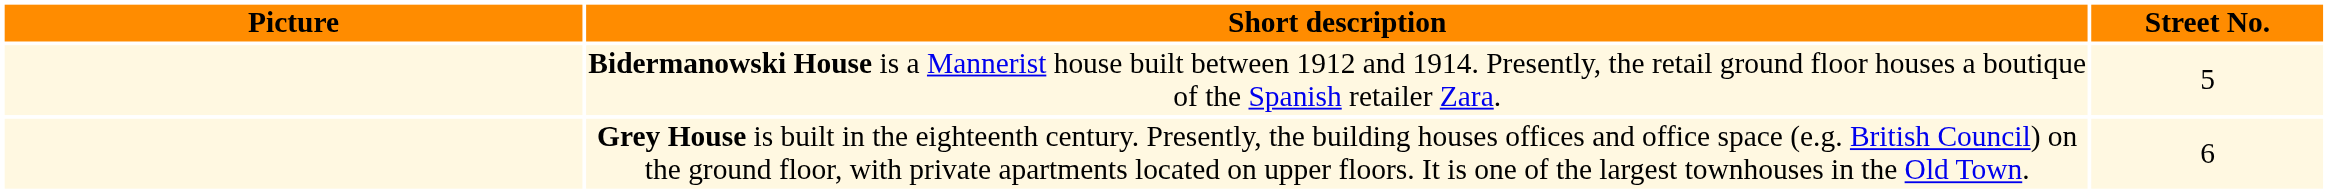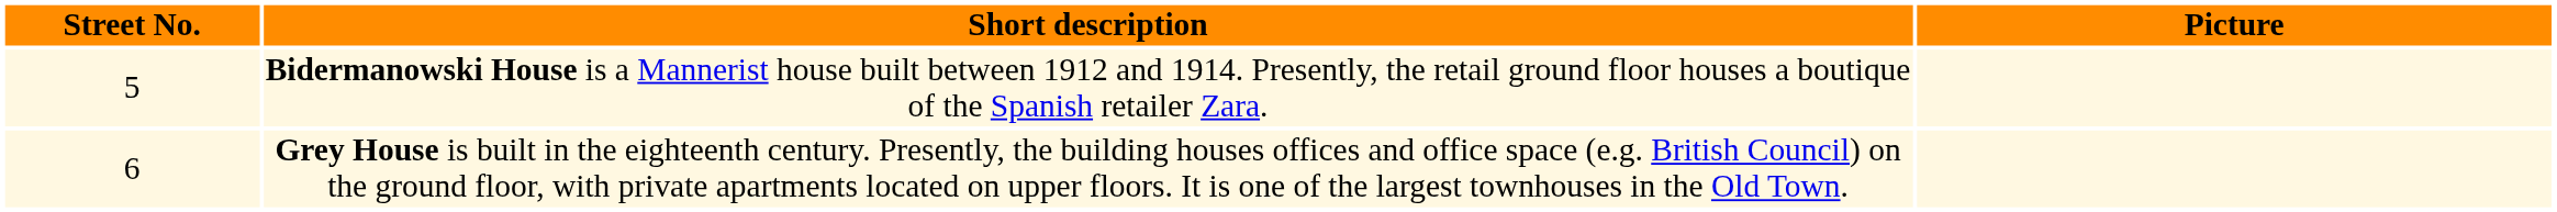 <table>
 <tr ---- bgcolor="#FF 8C 00">
+<th width=4%>Street No.</th>
+<th width=26%>Short description</th>
 <th width=10%>Picture</th>
-<th width=26%>Short description</th>
-<th width=4%>Street No.</th>
 </tr>
 <tr ---- bgcolor="#FFF8E1">
+<td align="center">5</td>
+<td align="center"><strong>Bidermanowski House</strong> is a <a href='#'>Mannerist</a> house built between 1912 and 1914. Presently, the retail ground floor houses a boutique of the <a href='#'>Spanish</a> retailer <a href='#'>Zara</a>.</td>
 <td align="center"></td>
-<td align="center"><strong>Bidermanowski House</strong> is a <a href='#'>Mannerist</a> house built between 1912 and 1914. Presently, the retail ground floor houses a boutique of the <a href='#'>Spanish</a> retailer <a href='#'>Zara</a>.</td>
-<td align="center">5</td>
 </tr>
 <tr ---- bgcolor="#FFF8E1">
+<td align="center">6</td>
+<td align="center"><strong>Grey House</strong> is built in the eighteenth century. Presently, the building houses offices and office space (e.g. <a href='#'>British Council</a>) on the ground floor, with private apartments located on upper floors. It is one of the largest townhouses in the <a href='#'>Old Town</a>.</td>
 <td align="center"></td>
-<td align="center"><strong>Grey House</strong> is built in the eighteenth century. Presently, the building houses offices and office space (e.g. <a href='#'>British Council</a>) on the ground floor, with private apartments located on upper floors. It is one of the largest townhouses in the <a href='#'>Old Town</a>.</td>
-<td align="center">6</td>
 </tr>
 </table>
